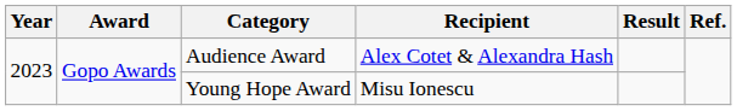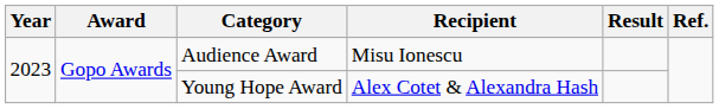 <table class="wikitable">
 <tr>
 <th>Year</th>
 <th>Award</th>
 <th>Category</th>
 <th>Recipient</th>
 <th>Result</th>
 <th>Ref.</th>
 </tr>
 <tr>
 <td rowspan="2">2023</td>
 <td rowspan="2"><a href='#'>Gopo Awards</a></td>
 <td>Audience Award</td>
-<td><a href='#'>Alex Cotet</a> & <a href='#'>Alexandra Hash</a></td>
+<td>Misu Ionescu</td>
 <td></td>
 <td rowspan="2"></td>
 </tr>
 <tr>
 <td>Young Hope Award</td>
-<td>Misu Ionescu</td>
+<td><a href='#'>Alex Cotet</a> & <a href='#'>Alexandra Hash</a></td>
 <td></td>
 </tr>
 </table>
